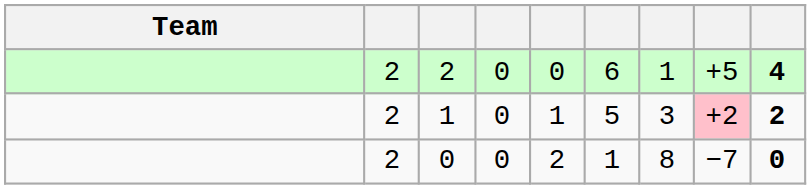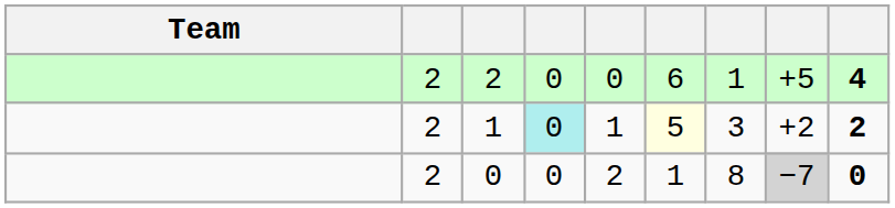 <table class="wikitable" style="text-align:center;">
 <tr>
 <th width="165">Team</th>
 <th width="20"></th>
 <th width="20"></th>
 <th width="20"></th>
 <th width="20"></th>
 <th width="20"></th>
 <th width="20"></th>
 <th width="20"></th>
 <th width="20"></th>
 </tr>
 <tr bgcolor="#ccffcc">
 <td align="left"></td>
 <td>2</td>
 <td>2</td>
 <td>0</td>
 <td>0</td>
 <td>6</td>
 <td>1</td>
 <td>+5</td>
 <td><strong>4</strong></td>
 </tr>
 <tr>
 <td align="left"></td>
 <td>2</td>
 <td>1</td>
-<td>0</td>
+<td style="background: paleturquoise;">0</td>
 <td>1</td>
-<td>5</td>
+<td style="background: lightyellow;">5</td>
 <td>3</td>
-<td style="background: pink;">+2</td>
+<td>+2</td>
 <td><strong>2</strong></td>
 </tr>
 <tr>
 <td align="left"></td>
 <td>2</td>
 <td>0</td>
 <td>0</td>
 <td>2</td>
 <td>1</td>
 <td>8</td>
-<td>−7</td>
+<td style="background: lightgrey;">−7</td>
 <td><strong>0</strong></td>
 </tr>
 </table>
